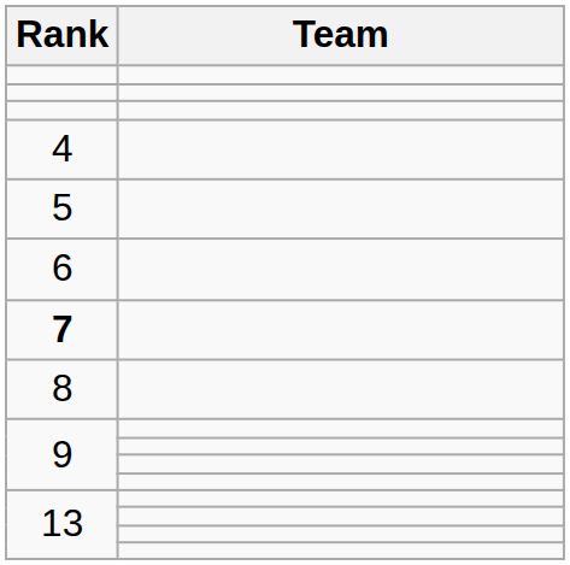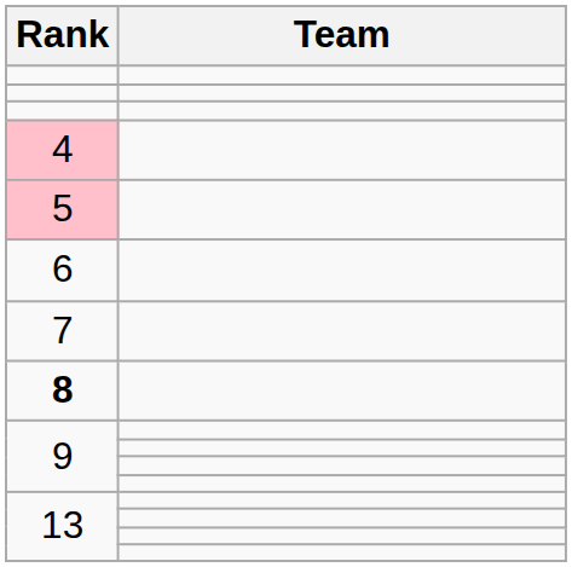 <table class="wikitable" style="text-align: center;">
 <tr>
 <th width=40>Rank</th>
 <th width=180>Team</th>
 </tr>
 <tr align=center>
 <td></td>
 <td style="text-align:left;"></td>
 </tr>
 <tr align=center>
 <td></td>
 <td style="text-align:left;"></td>
 </tr>
 <tr align=center>
 <td></td>
 <td style="text-align:left;"></td>
 </tr>
 <tr align=center>
-<td>4</td>
+<td style="background: pink;">4</td>
 <td style="text-align:left;"></td>
 </tr>
 <tr align=center>
-<td>5</td>
+<td style="background: pink;">5</td>
 <td style="text-align:left;"></td>
 </tr>
 <tr align=center>
 <td>6</td>
 <td style="text-align:left;"></td>
 </tr>
 <tr align=center>
-<td><strong>7</strong></td>
+<td>7</td>
 <td style="text-align:left;"></td>
 </tr>
 <tr align=center>
-<td>8</td>
+<td><strong>8</strong></td>
 <td style="text-align:left;"></td>
 </tr>
 <tr align=center>
 <td rowspan=4>9</td>
 <td style="text-align:left;"></td>
 </tr>
 <tr align=center>
 <td style="text-align:left;"></td>
 </tr>
 <tr align=center>
 <td style="text-align:left;"></td>
 </tr>
 <tr align=center>
 <td style="text-align:left;"></td>
 </tr>
 <tr align=center>
 <td rowspan=4>13</td>
 <td style="text-align:left;"></td>
 </tr>
 <tr align=center>
 <td style="text-align:left;"></td>
 </tr>
 <tr align=center>
 <td style="text-align:left;"></td>
 </tr>
 <tr align=center>
 <td style="text-align:left;"></td>
 </tr>
 </table>
